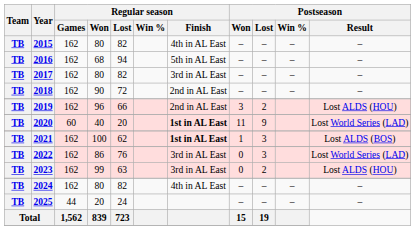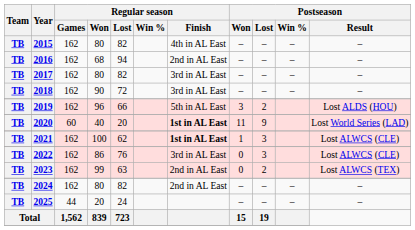 <table class="wikitable" style="font-size: 95%; text-align:center;">
 <tr>
 <th rowspan="2">Team</th>
 <th rowspan="2">Year</th>
 <th colspan="5">Regular season</th>
 <th colspan="4">Postseason</th>
 </tr>
 <tr>
 <th>Games</th>
 <th>Won</th>
 <th>Lost</th>
 <th>Win %</th>
 <th>Finish</th>
 <th>Won</th>
 <th>Lost</th>
 <th>Win %</th>
 <th>Result</th>
 </tr>
 <tr>
 <th><a href='#'>TB</a></th>
 <th><a href='#'>2015</a></th>
 <td>162</td>
 <td>80</td>
 <td>82</td>
 <td></td>
 <td>4th in AL East</td>
 <td>–</td>
 <td>–</td>
 <td>–</td>
 <td>–</td>
 </tr>
 <tr>
 <th><a href='#'>TB</a></th>
 <th><a href='#'>2016</a></th>
 <td>162</td>
 <td>68</td>
 <td>94</td>
 <td></td>
-<td>5th in AL East</td>
+<td>2nd in AL East</td>
 <td>–</td>
 <td>–</td>
 <td>–</td>
 <td>–</td>
 </tr>
 <tr>
 <th><a href='#'>TB</a></th>
 <th><a href='#'>2017</a></th>
 <td>162</td>
 <td>80</td>
 <td>82</td>
 <td></td>
 <td>3rd in AL East</td>
 <td>–</td>
 <td>–</td>
 <td>–</td>
 <td>–</td>
 </tr>
 <tr>
 <th><a href='#'>TB</a></th>
 <th><a href='#'>2018</a></th>
 <td>162</td>
 <td>90</td>
 <td>72</td>
 <td></td>
-<td>2nd in AL East</td>
+<td>3rd in AL East</td>
 <td>–</td>
 <td>–</td>
 <td>–</td>
 <td>–</td>
 </tr>
 <tr>
 </tr>
 <tr ! style="background:#fdd;">
 <th><a href='#'>TB</a></th>
 <th><a href='#'>2019</a></th>
 <td>162</td>
 <td>96</td>
 <td>66</td>
 <td></td>
-<td>2nd in AL East</td>
+<td>5th in AL East</td>
 <td>3</td>
 <td>2</td>
 <td></td>
 <td>Lost <a href='#'>ALDS</a> (<a href='#'>HOU</a>)</td>
 </tr>
 <tr>
 </tr>
 <tr ! style="background:#fdd;">
 <th><a href='#'>TB</a></th>
 <th><a href='#'>2020</a></th>
 <td>60</td>
 <td>40</td>
 <td>20</td>
 <td></td>
 <td><strong>1st in AL East</strong></td>
 <td>11</td>
 <td>9</td>
 <td></td>
 <td>Lost <a href='#'>World Series</a> (<a href='#'>LAD</a>)</td>
 </tr>
 <tr>
 </tr>
 <tr ! style="background:#fdd;">
 <th><a href='#'>TB</a></th>
 <th><a href='#'>2021</a></th>
 <td>162</td>
 <td>100</td>
 <td>62</td>
 <td></td>
 <td><strong>1st in AL East</strong></td>
 <td>1</td>
 <td>3</td>
 <td></td>
-<td>Lost <a href='#'>ALDS</a> (<a href='#'>BOS</a>)</td>
+<td>Lost <a href='#'>ALWCS</a> (<a href='#'>CLE</a>)</td>
 </tr>
 <tr>
 </tr>
 <tr ! style="background:#fdd;">
 <th><a href='#'>TB</a></th>
 <th><a href='#'>2022</a></th>
 <td>162</td>
 <td>86</td>
 <td>76</td>
 <td></td>
 <td>3rd in AL East</td>
 <td>0</td>
 <td>3</td>
 <td></td>
-<td>Lost <a href='#'>World Series</a> (<a href='#'>LAD</a>)</td>
+<td>Lost <a href='#'>ALWCS</a> (<a href='#'>CLE</a>)</td>
 </tr>
 <tr ! style="background:#fdd;">
 <th><a href='#'>TB</a></th>
 <th><a href='#'>2023</a></th>
 <td>162</td>
 <td>99</td>
 <td>63</td>
 <td></td>
-<td>3rd in AL East</td>
+<td>2nd in AL East</td>
 <td>0</td>
 <td>2</td>
 <td></td>
-<td>Lost <a href='#'>ALDS</a> (<a href='#'>HOU</a>)</td>
+<td>Lost <a href='#'>ALWCS</a> (<a href='#'>TEX</a>)</td>
 </tr>
 <tr ! style="background:#fdd;">
 </tr>
 <tr>
 <th><a href='#'>TB</a></th>
 <th><a href='#'>2024</a></th>
 <td>162</td>
 <td>80</td>
 <td>82</td>
 <td></td>
-<td>4th in AL East</td>
+<td>2nd in AL East</td>
 <td>–</td>
 <td>–</td>
 <td>–</td>
 <td>–</td>
 </tr>
 <tr>
 <th><a href='#'>TB</a></th>
 <th><a href='#'>2025</a></th>
 <td>44</td>
 <td>20</td>
 <td>24</td>
 <td></td>
 <td></td>
 <td>–</td>
 <td>–</td>
 <td>–</td>
 <td>–</td>
 </tr>
 <tr>
 <th colspan="2">Total</th>
 <th>1,562</th>
 <th>839</th>
 <th>723</th>
 <th></th>
 <th></th>
 <th>15</th>
 <th>19</th>
 <th></th>
 </tr>
 <tr>
 </tr>
 </table>
